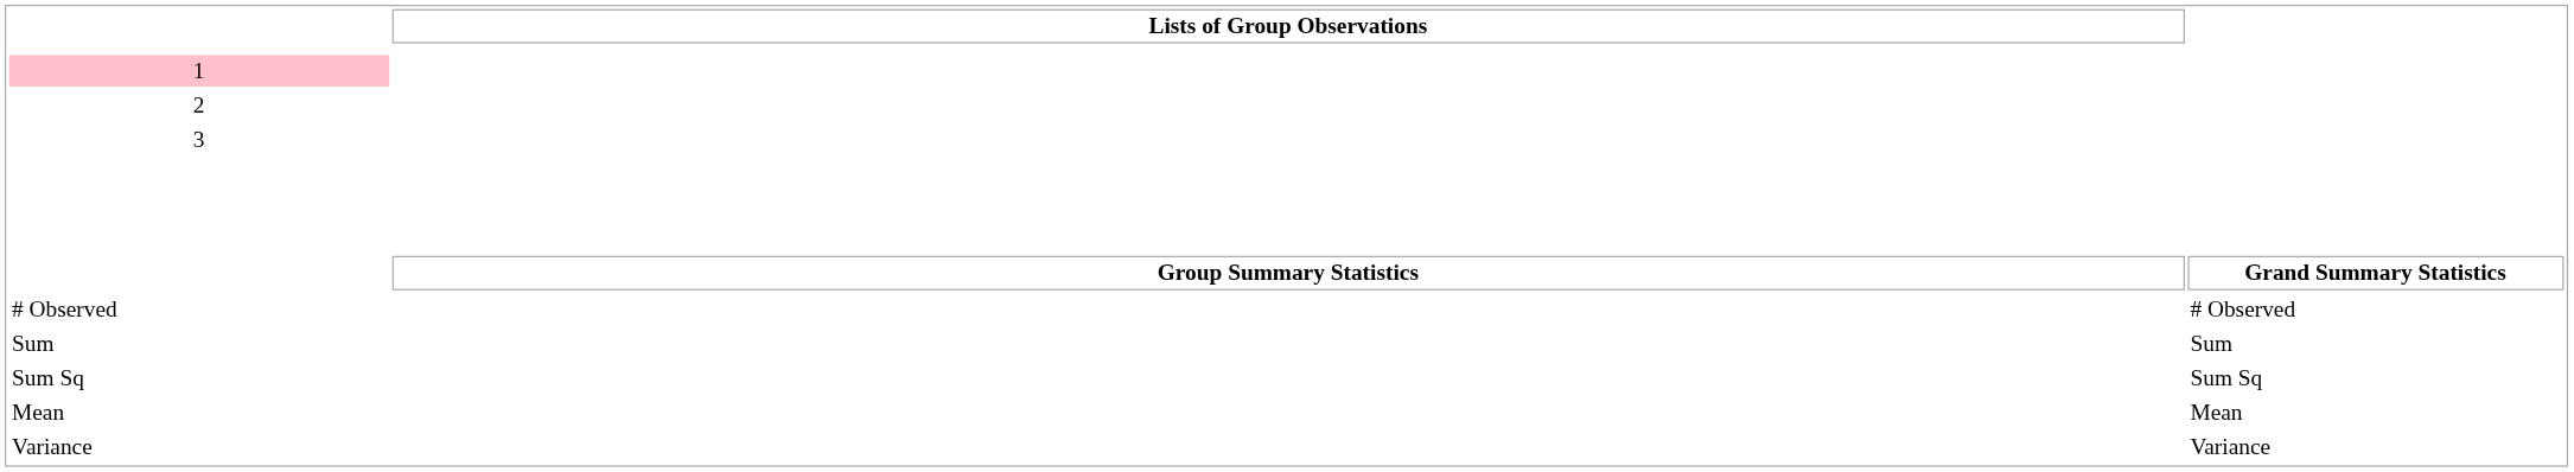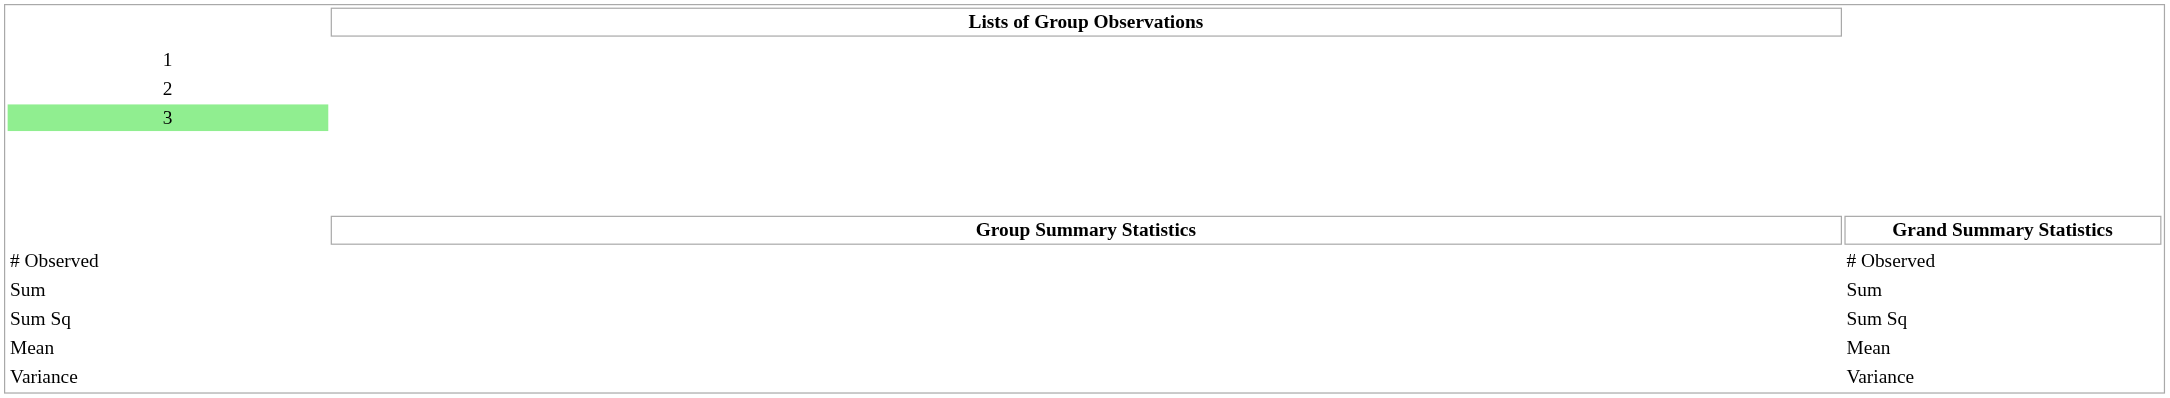 <table cellpadding="2" style="border: 1px solid darkgray; width: 90%; text-align: center;">
 <tr>
 <td></td>
 <th colspan="6" style="text-align: center; border: 1px solid darkgray;">Lists of Group Observations</th>
 </tr>
 <tr>
 <td style="width:15%"></td>
 <td style="width:15%"></td>
 <td style="width:15%"></td>
 <td style="width:15%"></td>
 <td style="width: 5%"></td>
 <td style="width:15%"></td>
 </tr>
 <tr>
-<td style="background: pink;">1</td>
+<td>1</td>
 <td></td>
 <td></td>
 <td></td>
 <td></td>
 <td></td>
 </tr>
 <tr>
 <td>2</td>
 <td></td>
 <td></td>
 <td></td>
 <td></td>
 <td></td>
 </tr>
 <tr>
-<td>3</td>
+<td style="background: lightgreen;">3</td>
 <td></td>
 <td></td>
 <td></td>
 <td></td>
 <td></td>
 </tr>
 <tr>
 <td></td>
 <td></td>
 <td></td>
 <td></td>
 <td></td>
 <td></td>
 </tr>
 <tr>
 <td></td>
 <td></td>
 <td></td>
 <td></td>
 <td></td>
 <td></td>
 </tr>
 <tr>
 <td style="height:50px;"></td>
 <td></td>
 </tr>
 <tr>
 <td></td>
 <th colspan="6" style="border: 1px solid darkgray;">Group Summary Statistics</th>
 <th colspan="2" style="border: 1px solid darkgray;">Grand Summary Statistics</th>
 </tr>
 <tr>
 <td style="text-align: left"># Observed</td>
 <td></td>
 <td></td>
 <td></td>
 <td></td>
 <td></td>
 <td></td>
 <td style="text-align: left"># Observed</td>
 <td></td>
 </tr>
 <tr>
 <td style="text-align: left">Sum</td>
 <td></td>
 <td></td>
 <td></td>
 <td></td>
 <td></td>
 <td></td>
 <td style="text-align: left">Sum</td>
 <td></td>
 </tr>
 <tr>
 <td style="text-align: left">Sum Sq</td>
 <td></td>
 <td></td>
 <td></td>
 <td></td>
 <td></td>
 <td></td>
 <td style="text-align: left">Sum Sq</td>
 <td></td>
 </tr>
 <tr>
 <td style="text-align: left">Mean</td>
 <td></td>
 <td></td>
 <td></td>
 <td></td>
 <td></td>
 <td></td>
 <td style="text-align: left">Mean</td>
 <td></td>
 </tr>
 <tr>
 <td style="text-align: left">Variance</td>
 <td></td>
 <td></td>
 <td></td>
 <td></td>
 <td></td>
 <td></td>
 <td style="text-align: left">Variance</td>
 <td></td>
 </tr>
 </table>
